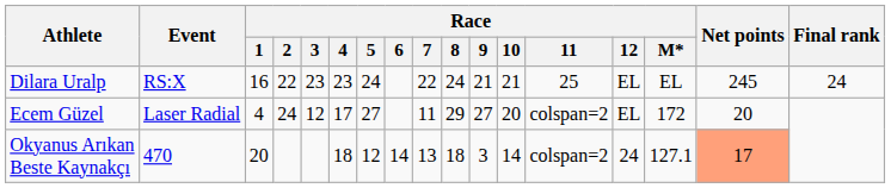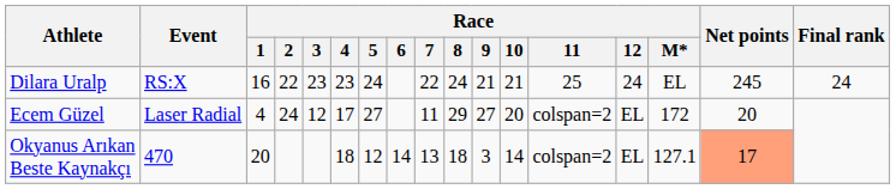 <table class="wikitable" style="font-size:90%">
 <tr>
 <th rowspan="2">Athlete</th>
 <th rowspan="2">Event</th>
 <th colspan=13>Race</th>
 <th rowspan=2>Net points</th>
 <th rowspan=2>Final rank</th>
 </tr>
 <tr style="font-size:95%">
 <th>1</th>
 <th>2</th>
 <th>3</th>
 <th>4</th>
 <th>5</th>
 <th>6</th>
 <th>7</th>
 <th>8</th>
 <th>9</th>
 <th>10</th>
 <th>11</th>
 <th>12</th>
 <th>M*</th>
 </tr>
 <tr align=center>
 <td align=left><a href='#'>Dilara Uralp</a></td>
 <td align=left><a href='#'>RS:X</a></td>
 <td>16</td>
 <td>22</td>
 <td>23</td>
 <td>23</td>
 <td>24</td>
 <td></td>
 <td>22</td>
 <td>24</td>
 <td>21</td>
 <td>21</td>
 <td>25</td>
-<td>EL</td>
+<td>24</td>
 <td>EL</td>
 <td>245</td>
 <td>24</td>
 </tr>
 <tr align=center>
 <td align=left><a href='#'>Ecem Güzel</a></td>
 <td align=left><a href='#'>Laser Radial</a></td>
 <td>4</td>
 <td>24</td>
 <td>12</td>
 <td>17</td>
 <td>27</td>
 <td></td>
 <td>11</td>
 <td>29</td>
 <td>27</td>
 <td>20</td>
 <td>colspan=2 </td>
 <td>EL</td>
 <td>172</td>
 <td>20</td>
 </tr>
 <tr align=center>
 <td align=left><a href='#'>Okyanus Arıkan</a><br><a href='#'>Beste Kaynakçı</a></td>
 <td align=left><a href='#'>470</a></td>
 <td>20</td>
 <td></td>
 <td></td>
 <td>18</td>
 <td>12</td>
 <td>14</td>
 <td>13</td>
 <td>18</td>
 <td>3</td>
 <td>14</td>
 <td>colspan=2 </td>
-<td>24</td>
+<td>EL</td>
 <td>127.1</td>
 <td style="background: lightsalmon;">17</td>
 </tr>
 </table>
